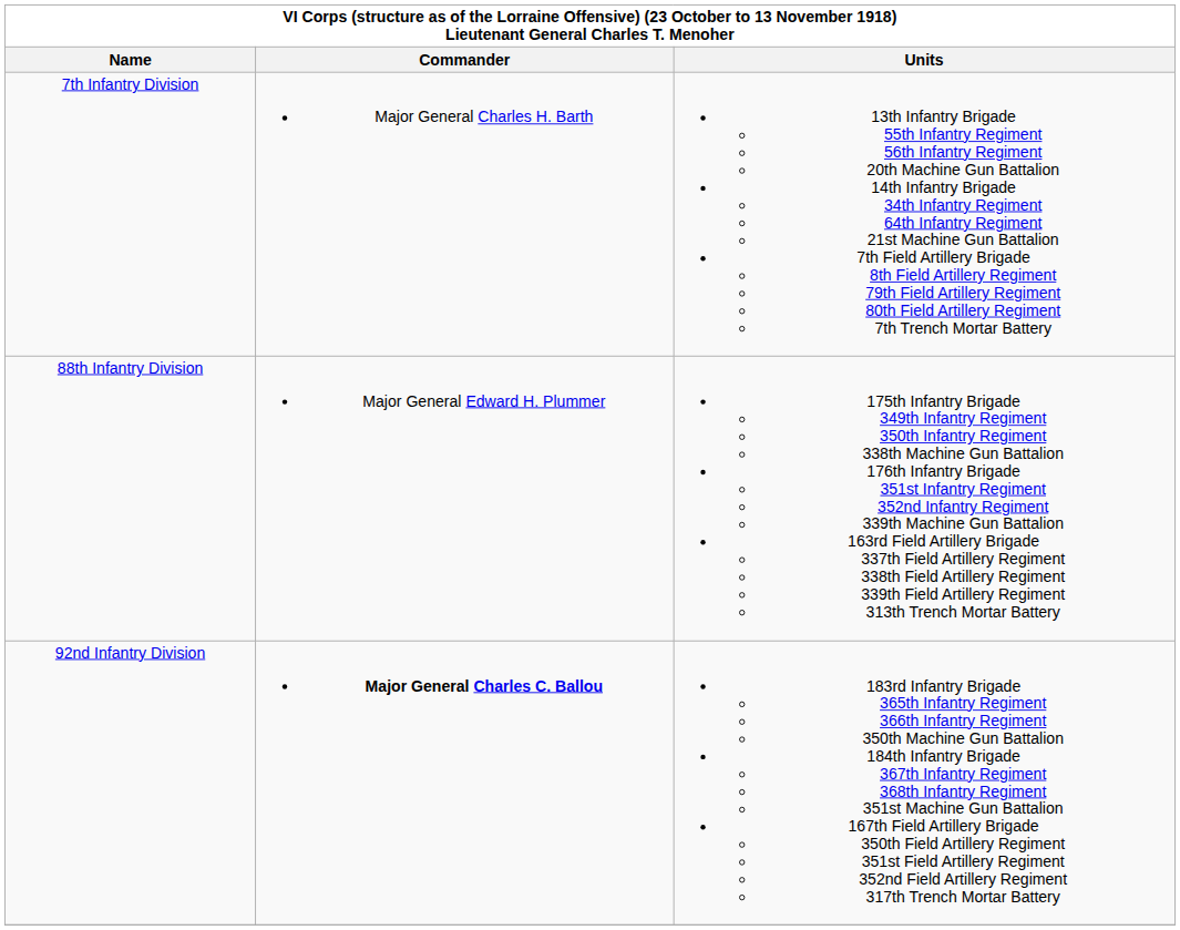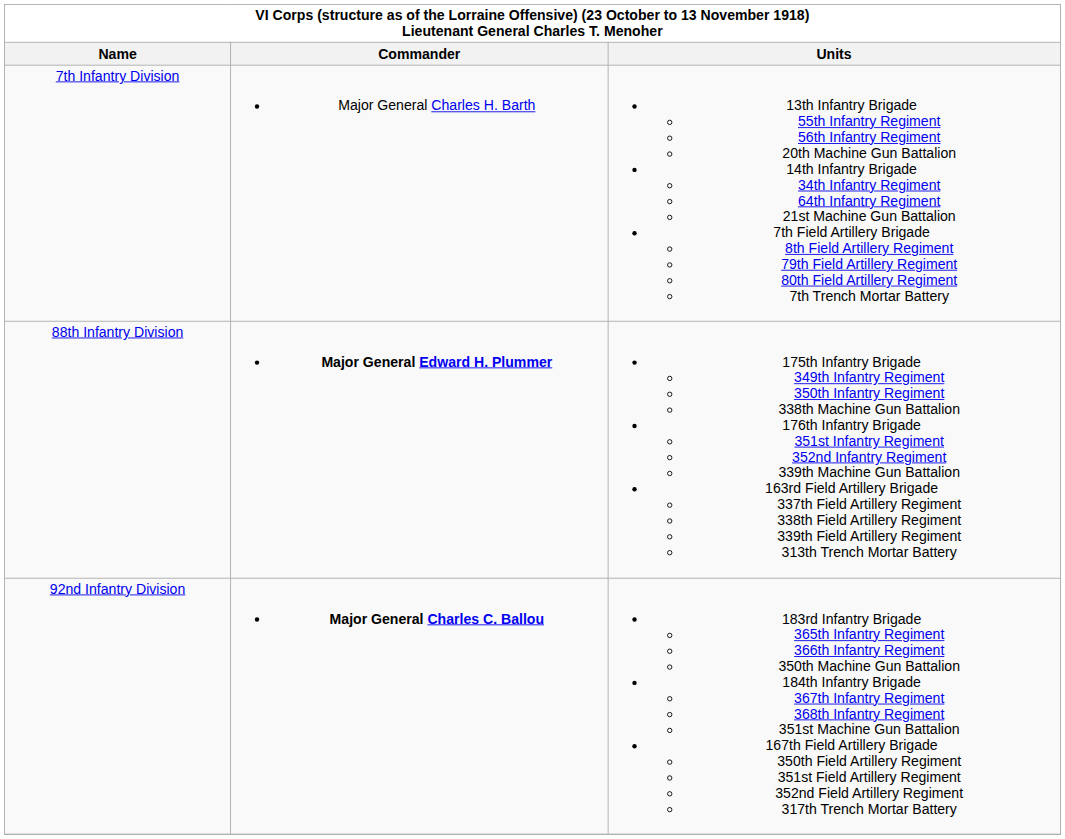 <table class="wikitable" style="width:95%;">
 <tr valign="top">
 <th colspan="11" style="background:white;">VI Corps (structure as of the Lorraine Offensive) (23 October to 13 November 1918)<br>Lieutenant General Charles T. Menoher</th>
 </tr>
 <tr valign="top"|- valign="top">
 <th style="width:15%; text-align:center;">Name</th>
 <th style="width:25%; text-align:center;">Commander</th>
 <th style="width:30%; text-align:center;">Units</th>
 </tr>
 <tr valign="top">
 <td align=center><a href='#'>7th Infantry Division</a></td>
 <td align=center><br><ul><li>Major General <a href='#'>Charles H. Barth</a></li></ul></td>
 <td align=center><br><ul><li>13th Infantry Brigade<ul><li><a href='#'>55th Infantry Regiment</a></li><li><a href='#'>56th Infantry Regiment</a></li><li>20th Machine Gun Battalion</li></ul></li><li>14th Infantry Brigade<ul><li><a href='#'>34th Infantry Regiment</a></li><li><a href='#'>64th Infantry Regiment</a></li><li>21st Machine Gun Battalion</li></ul></li><li>7th Field Artillery Brigade<ul><li><a href='#'>8th Field Artillery Regiment</a></li><li><a href='#'>79th Field Artillery Regiment</a></li><li><a href='#'>80th Field Artillery Regiment</a></li><li>7th Trench Mortar Battery</li></ul></li></ul></td>
 </tr>
 <tr valign="top">
 <td align=center><a href='#'>88th Infantry Division</a></td>
-<td align=center><br><ul><li>Major General <a href='#'>Edward H. Plummer</a></li></ul></td>
+<td align=center><strong><br><ul><li>Major General <a href='#'>Edward H. Plummer</a></li></ul></strong></td>
 <td align=center><br><ul><li>175th Infantry Brigade<ul><li><a href='#'>349th Infantry Regiment</a></li><li><a href='#'>350th Infantry Regiment</a></li><li>338th Machine Gun Battalion</li></ul></li><li>176th Infantry Brigade<ul><li><a href='#'>351st Infantry Regiment</a></li><li><a href='#'>352nd Infantry Regiment</a></li><li>339th Machine Gun Battalion</li></ul></li><li>163rd Field Artillery Brigade<ul><li>337th Field Artillery Regiment</li><li>338th Field Artillery Regiment</li><li>339th Field Artillery Regiment</li><li>313th Trench Mortar Battery</li></ul></li></ul></td>
 </tr>
 <tr valign="top">
 <td align=center><a href='#'>92nd Infantry Division</a></td>
 <td align=center><strong><br><ul><li>Major General <a href='#'>Charles C. Ballou</a></li></ul></strong></td>
 <td align=center><br><ul><li>183rd Infantry Brigade<ul><li><a href='#'>365th Infantry Regiment</a></li><li><a href='#'>366th Infantry Regiment</a></li><li>350th Machine Gun Battalion</li></ul></li><li>184th Infantry Brigade<ul><li><a href='#'>367th Infantry Regiment</a></li><li><a href='#'>368th Infantry Regiment</a></li><li>351st Machine Gun Battalion</li></ul></li><li>167th Field Artillery Brigade<ul><li>350th Field Artillery Regiment</li><li>351st Field Artillery Regiment</li><li>352nd Field Artillery Regiment</li><li>317th Trench Mortar Battery</li></ul></li></ul></td>
 </tr>
 <tr valign="top">
 </tr>
 </table>
